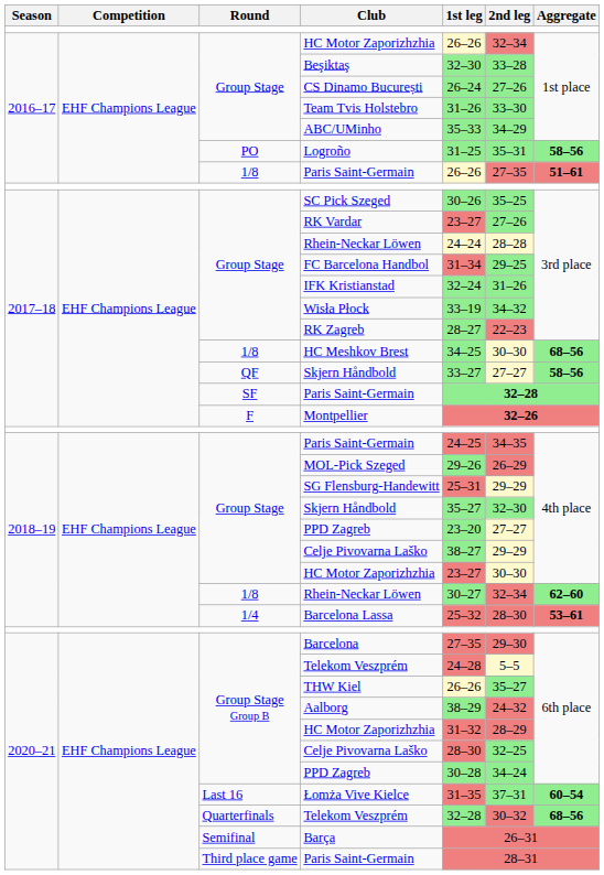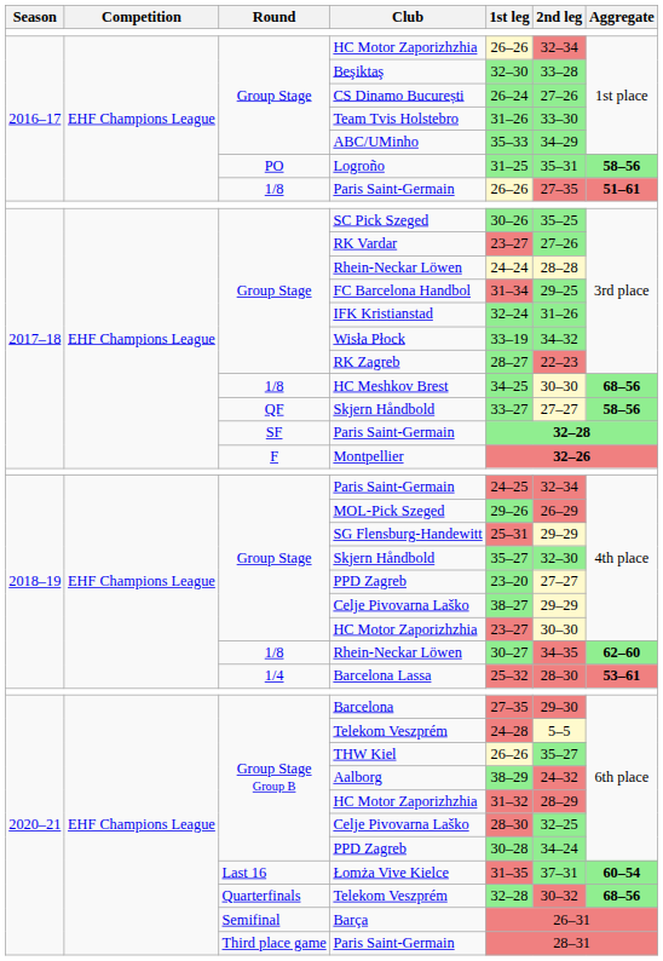 <table class="wikitable">
 <tr>
 <th>Season</th>
 <th>Competition</th>
 <th>Round</th>
 <th>Club</th>
 <th>1st leg</th>
 <th>2nd leg</th>
 <th>Aggregate</th>
 </tr>
 <tr>
 <td colspan="7" bgcolor=white></td>
 </tr>
 <tr>
 <td rowspan="7"><a href='#'>2016–17</a></td>
 <td rowspan="7"><a href='#'>EHF Champions League</a></td>
 <td rowspan="5" style="text-align:center;"><a href='#'>Group Stage</a></td>
 <td> <a href='#'>HC Motor Zaporizhzhia</a></td>
 <td style="text-align:center; background:lemonchiffon;">26–26</td>
 <td style="text-align:center; background:lightcoral;">32–34</td>
 <td rowspan="5" style="text-align:center;">1st place</td>
 </tr>
 <tr>
 <td> <a href='#'>Beşiktaş</a></td>
 <td style="text-align:center; background:lightgreen;">32–30</td>
 <td style="text-align:center; background:lightgreen;">33–28</td>
 </tr>
 <tr>
 <td> <a href='#'>CS Dinamo București</a></td>
 <td style="text-align:center; background:lightgreen;">26–24</td>
 <td style="text-align:center; background:lightgreen;">27–26</td>
 </tr>
 <tr>
 <td> <a href='#'>Team Tvis Holstebro</a></td>
 <td style="text-align:center; background:lightgreen;">31–26</td>
 <td style="text-align:center; background:lightgreen;">33–30</td>
 </tr>
 <tr>
 <td> <a href='#'>ABC/UMinho</a></td>
 <td style="text-align:center; background:lightgreen;">35–33</td>
 <td style="text-align:center; background:lightgreen;">34–29</td>
 </tr>
 <tr>
 <td style="text-align:center;"><a href='#'>PO</a></td>
 <td> <a href='#'>Logroño</a></td>
 <td style="text-align:center; background:lightgreen;">31–25</td>
 <td style="text-align:center; background:lightgreen;">35–31</td>
 <td style="text-align:center; background:lightgreen;"><strong>58–56</strong></td>
 </tr>
 <tr>
 <td style="text-align:center;"><a href='#'>1/8</a></td>
 <td> <a href='#'>Paris Saint-Germain</a></td>
 <td style="text-align:center; background:lemonchiffon;">26–26</td>
 <td style="text-align:center; background:lightcoral;">27–35</td>
 <td style="text-align:center; background:lightcoral;"><strong>51–61</strong></td>
 </tr>
 <tr>
 <td colspan=7 style="text-align: center;" bgcolor=white></td>
 </tr>
 <tr>
 <td rowspan="11"><a href='#'>2017–18</a></td>
 <td rowspan="11"><a href='#'>EHF Champions League</a></td>
 <td rowspan="7" style="text-align:center;"><a href='#'>Group Stage</a></td>
 <td> <a href='#'>SC Pick Szeged</a></td>
 <td style="text-align:center; background:lightgreen;">30–26</td>
 <td style="text-align:center; background:lightgreen;">35–25</td>
 <td rowspan="7" style="text-align:center;">3rd place</td>
 </tr>
 <tr>
 <td> <a href='#'>RK Vardar</a></td>
 <td style="text-align:center; background:lightcoral;">23–27</td>
 <td style="text-align:center; background:lightgreen;">27–26</td>
 </tr>
 <tr>
 <td> <a href='#'>Rhein-Neckar Löwen</a></td>
 <td style="text-align:center; background:lemonchiffon;">24–24</td>
 <td style="text-align:center; background:lemonchiffon;">28–28</td>
 </tr>
 <tr>
 <td> <a href='#'>FC Barcelona Handbol</a></td>
 <td style="text-align:center; background:lightcoral;">31–34</td>
 <td style="text-align:center; background:lightgreen;">29–25</td>
 </tr>
 <tr>
 <td> <a href='#'>IFK Kristianstad</a></td>
 <td style="text-align:center; background:lightgreen;">32–24</td>
 <td style="text-align:center; background:lightgreen;">31–26</td>
 </tr>
 <tr>
 <td> <a href='#'>Wisła Płock</a></td>
 <td style="text-align:center; background:lightgreen;">33–19</td>
 <td style="text-align:center; background:lightgreen;">34–32</td>
 </tr>
 <tr>
 <td> <a href='#'>RK Zagreb</a></td>
 <td style="text-align:center; background:lightgreen;">28–27</td>
 <td style="text-align:center; background:lightcoral;">22–23</td>
 </tr>
 <tr>
 <td style="text-align:center;"><a href='#'>1/8</a></td>
 <td> <a href='#'>HC Meshkov Brest</a></td>
 <td style="text-align:center; background:lightgreen;">34–25</td>
 <td style="text-align:center; background:lemonchiffon;">30–30</td>
 <td style="text-align:center; background:lightgreen;"><strong>68–56</strong></td>
 </tr>
 <tr>
 <td style="text-align:center;"><a href='#'>QF</a></td>
 <td> <a href='#'>Skjern Håndbold</a></td>
 <td style="text-align:center; background:lightgreen;">33–27</td>
 <td style="text-align:center; background:lemonchiffon;">27–27</td>
 <td style="text-align:center; background:lightgreen;"><strong>58–56</strong></td>
 </tr>
 <tr>
 <td style="text-align:center;"><a href='#'>SF</a></td>
 <td> <a href='#'>Paris Saint-Germain</a></td>
 <td colspan=3; style="text-align:center; background:lightgreen;"><strong>32–28</strong></td>
 </tr>
 <tr>
 <td style="text-align:center;"><a href='#'>F</a></td>
 <td> <a href='#'>Montpellier</a></td>
 <td colspan=3; style="text-align:center; background:lightcoral;"><strong>32–26</strong></td>
 </tr>
 <tr>
 <td colspan=7 style="text-align: center;" bgcolor=white></td>
 </tr>
 <tr>
 <td rowspan="9"><a href='#'>2018–19</a></td>
 <td rowspan="9"><a href='#'>EHF Champions League</a></td>
 <td rowspan="7" style="text-align:center;"><a href='#'>Group Stage</a></td>
 <td> <a href='#'>Paris Saint-Germain</a></td>
 <td style="text-align:center; background:lightcoral;">24–25</td>
-<td style="text-align:center; background:lightcoral;">34–35</td>
+<td style="text-align:center; background:lightcoral;">32–34</td>
 <td rowspan="7" style="text-align:center;">4th place</td>
 </tr>
 <tr>
 <td> <a href='#'>MOL-Pick Szeged</a></td>
 <td style="text-align:center; background:lightgreen;">29–26</td>
 <td style="text-align:center; background:lightcoral;">26–29</td>
 </tr>
 <tr>
 <td> <a href='#'>SG Flensburg-Handewitt</a></td>
 <td style="text-align:center; background:lightcoral;">25–31</td>
 <td style="text-align:center; background:lemonchiffon;">29–29</td>
 </tr>
 <tr>
 <td> <a href='#'>Skjern Håndbold</a></td>
 <td style="text-align:center; background:lightgreen;">35–27</td>
 <td style="text-align:center; background:lightgreen;">32–30</td>
 </tr>
 <tr>
 <td> <a href='#'>PPD Zagreb</a></td>
 <td style="text-align:center; background:lightgreen;">23–20</td>
 <td style="text-align:center; background:lemonchiffon;">27–27</td>
 </tr>
 <tr>
 <td> <a href='#'>Celje Pivovarna Laško</a></td>
 <td style="text-align:center; background:lightgreen;">38–27</td>
 <td style="text-align:center; background:lemonchiffon;">29–29</td>
 </tr>
 <tr>
 <td> <a href='#'>HC Motor Zaporizhzhia</a></td>
 <td style="text-align:center; background:lightcoral;">23–27</td>
 <td style="text-align:center; background:lemonchiffon;">30–30</td>
 </tr>
 <tr>
 <td style="text-align:center;"><a href='#'>1/8</a></td>
 <td> <a href='#'>Rhein-Neckar Löwen</a></td>
 <td style="text-align:center; background:lightgreen;">30–27</td>
-<td style="text-align:center; background:lightcoral;">32–34</td>
+<td style="text-align:center; background:lightcoral;">34–35</td>
 <td style="text-align:center; background:lightgreen;"><strong>62–60</strong></td>
 </tr>
 <tr>
 <td style="text-align:center;"><a href='#'>1/4</a></td>
 <td> <a href='#'>Barcelona Lassa</a></td>
 <td style="text-align:center; background:lightcoral;">25–32</td>
 <td style="text-align:center; background:lightcoral;">28–30</td>
 <td style="text-align:center; background:lightcoral;"><strong>53–61</strong></td>
 </tr>
 <tr>
 <td colspan=7 style="text-align: center;" bgcolor=white></td>
 </tr>
 <tr>
 <td rowspan="11"><a href='#'>2020–21</a></td>
 <td rowspan="11"><a href='#'>EHF Champions League</a></td>
 <td rowspan="7" style="text-align:center;"><a href='#'>Group Stage<br><small>Group B</small></a></td>
 <td> <a href='#'>Barcelona</a></td>
 <td style="text-align:center; background:lightcoral;">27–35</td>
 <td style="text-align:center; background:lightcoral;">29–30</td>
 <td rowspan="7" style="text-align:center;">6th place</td>
 </tr>
 <tr>
 <td> <a href='#'>Telekom Veszprém</a></td>
 <td style="text-align:center; background:lightcoral;">24–28</td>
 <td style="text-align:center; background:lemonchiffon;">5–5</td>
 </tr>
 <tr>
 <td> <a href='#'>THW Kiel</a></td>
 <td style="text-align:center; background:lemonchiffon;">26–26</td>
 <td style="text-align:center; background:lightgreen;">35–27</td>
 </tr>
 <tr>
 <td> <a href='#'>Aalborg</a></td>
 <td style="text-align:center; background:lightgreen;">38–29</td>
 <td style="text-align:center; background:lightcoral;">24–32</td>
 </tr>
 <tr>
 <td> <a href='#'>HC Motor Zaporizhzhia</a></td>
 <td style="text-align:center; background:lightcoral;">31–32</td>
 <td style="text-align:center; background:lightcoral;">28–29</td>
 </tr>
 <tr>
 <td> <a href='#'>Celje Pivovarna Laško</a></td>
 <td style="text-align:center; background:lightcoral;">28–30</td>
 <td style="text-align:center; background:lightgreen;">32–25</td>
 </tr>
 <tr>
 <td> <a href='#'>PPD Zagreb</a></td>
 <td style="text-align:center; background:lightgreen;">30–28</td>
 <td style="text-align:center; background:lightgreen;">34–24</td>
 </tr>
 <tr>
 <td><a href='#'>Last 16</a></td>
 <td> <a href='#'>Łomża Vive Kielce</a></td>
 <td style="text-align:center; background:lightcoral;">31–35</td>
 <td style="text-align:center; background:lightgreen;">37–31</td>
 <td style="text-align:center; background:lightgreen;"><strong>60–54</strong></td>
 </tr>
 <tr>
 <td><a href='#'>Quarterfinals</a></td>
 <td> <a href='#'>Telekom Veszprém</a></td>
 <td style="text-align:center; background:lightgreen;">32–28</td>
 <td style="text-align:center; background:lightcoral;">30–32</td>
 <td style="text-align:center; background:lightgreen;"><strong>68–56</strong></td>
 </tr>
 <tr>
 <td><a href='#'>Semifinal</a></td>
 <td> <a href='#'>Barça</a></td>
 <td colspan=3; style="text-align:center; background:lightcoral;">26–31</td>
 </tr>
 <tr>
 <td><a href='#'>Third place game</a></td>
 <td> <a href='#'>Paris Saint-Germain</a></td>
 <td colspan=3; style="text-align:center; background:lightcoral;">28–31</td>
 </tr>
 </table>
